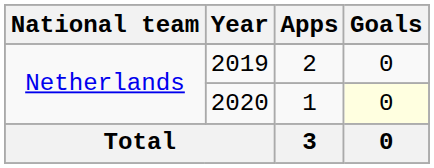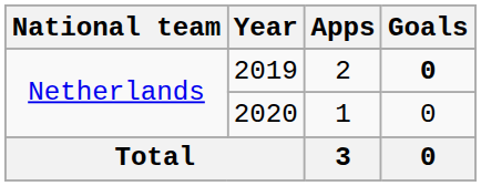 <table class="wikitable" style="text-align:center">
 <tr>
 <th>National team</th>
 <th>Year</th>
 <th>Apps</th>
 <th>Goals</th>
 </tr>
 <tr>
 <td rowspan="3"><a href='#'>Netherlands</a></td>
 </tr>
 <tr>
 <td>2019</td>
 <td>2</td>
-<td>0</td>
+<td><strong>0</strong></td>
 </tr>
 <tr>
 <td>2020</td>
 <td>1</td>
-<td style="background: lightyellow;">0</td>
+<td>0</td>
 </tr>
 <tr>
 <th colspan="2">Total</th>
 <th>3</th>
 <th>0</th>
 </tr>
 </table>
